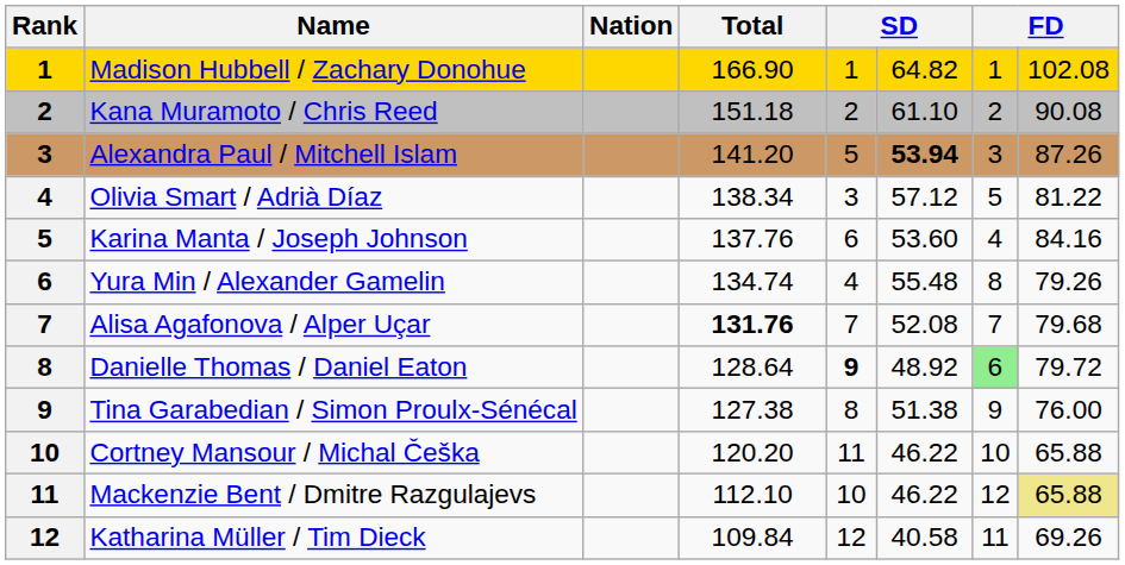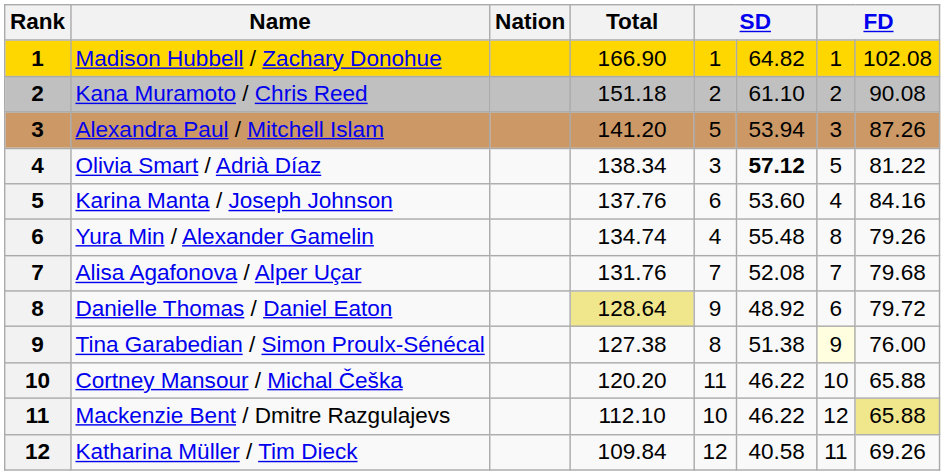 <table class="wikitable sortable">
 <tr>
 <th>Rank</th>
 <th>Name</th>
 <th>Nation</th>
 <th width="80px">Total</th>
 <th colspan="2" width="80px"><a href='#'>SD</a></th>
 <th colspan="2" width="80px"><a href='#'>FD</a></th>
 </tr>
 <tr bgcolor="gold">
 <td align="center"><strong>1</strong></td>
 <td><a href='#'>Madison Hubbell</a> / <a href='#'>Zachary Donohue</a></td>
 <td></td>
 <td align="center">166.90</td>
 <td align="center">1</td>
 <td align="center">64.82</td>
 <td align="center">1</td>
 <td align="center">102.08</td>
 </tr>
 <tr bgcolor="silver">
 <td align="center"><strong>2</strong></td>
 <td><a href='#'>Kana Muramoto</a> / <a href='#'>Chris Reed</a></td>
 <td></td>
 <td align="center">151.18</td>
 <td align="center">2</td>
 <td align="center">61.10</td>
 <td align="center">2</td>
 <td align="center">90.08</td>
 </tr>
 <tr bgcolor="cc9966">
 <td align="center"><strong>3</strong></td>
 <td><a href='#'>Alexandra Paul</a> / <a href='#'>Mitchell Islam</a></td>
 <td></td>
 <td align="center">141.20</td>
 <td align="center">5</td>
-<td align="center"><strong>53.94</strong></td>
+<td align="center">53.94</td>
 <td align="center">3</td>
 <td align="center">87.26</td>
 </tr>
 <tr>
 <th>4</th>
 <td><a href='#'>Olivia Smart</a> / <a href='#'>Adrià Díaz</a></td>
 <td></td>
 <td align="center">138.34</td>
 <td align="center">3</td>
-<td align="center">57.12</td>
+<td align="center"><strong>57.12</strong></td>
 <td align="center">5</td>
 <td align="center">81.22</td>
 </tr>
 <tr>
 <th>5</th>
 <td><a href='#'>Karina Manta</a> / <a href='#'>Joseph Johnson</a></td>
 <td></td>
 <td align="center">137.76</td>
 <td align="center">6</td>
 <td align="center">53.60</td>
 <td align="center">4</td>
 <td align="center">84.16</td>
 </tr>
 <tr>
 <th>6</th>
 <td><a href='#'>Yura Min</a> / <a href='#'>Alexander Gamelin</a></td>
 <td></td>
 <td align="center">134.74</td>
 <td align="center">4</td>
 <td align="center">55.48</td>
 <td align="center">8</td>
 <td align="center">79.26</td>
 </tr>
 <tr>
 <th>7</th>
 <td><a href='#'>Alisa Agafonova</a> / <a href='#'>Alper Uçar</a></td>
 <td></td>
-<td align="center"><strong>131.76</strong></td>
+<td align="center">131.76</td>
 <td align="center">7</td>
 <td align="center">52.08</td>
 <td align="center">7</td>
 <td align="center">79.68</td>
 </tr>
 <tr>
 <th>8</th>
 <td><a href='#'>Danielle Thomas</a> / <a href='#'>Daniel Eaton</a></td>
 <td></td>
-<td align="center">128.64</td>
-<td align="center"><strong>9</strong></td>
+<td align="center" style="background: khaki;">128.64</td>
+<td align="center">9</td>
 <td align="center">48.92</td>
-<td align="center" style="background: lightgreen;">6</td>
+<td align="center">6</td>
 <td align="center">79.72</td>
 </tr>
 <tr>
 <th>9</th>
 <td><a href='#'>Tina Garabedian</a> / <a href='#'>Simon Proulx-Sénécal</a></td>
 <td></td>
 <td align="center">127.38</td>
 <td align="center">8</td>
 <td align="center">51.38</td>
-<td align="center">9</td>
+<td align="center" style="background: lightyellow;">9</td>
 <td align="center">76.00</td>
 </tr>
 <tr>
 <th>10</th>
 <td><a href='#'>Cortney Mansour</a> / <a href='#'>Michal Češka</a></td>
 <td></td>
 <td align="center">120.20</td>
 <td align="center">11</td>
 <td align="center">46.22</td>
 <td align="center">10</td>
 <td align="center">65.88</td>
 </tr>
 <tr>
 <th>11</th>
 <td><a href='#'>Mackenzie Bent</a> / Dmitre Razgulajevs</td>
 <td></td>
 <td align="center">112.10</td>
 <td align="center">10</td>
 <td align="center">46.22</td>
 <td align="center">12</td>
 <td align="center" style="background: khaki;">65.88</td>
 </tr>
 <tr>
 <th>12</th>
 <td><a href='#'>Katharina Müller</a> / <a href='#'>Tim Dieck</a></td>
 <td></td>
 <td align="center">109.84</td>
 <td align="center">12</td>
 <td align="center">40.58</td>
 <td align="center">11</td>
 <td align="center">69.26</td>
 </tr>
 </table>
